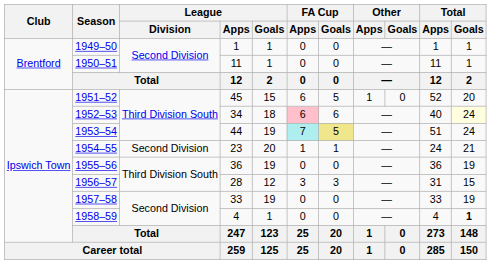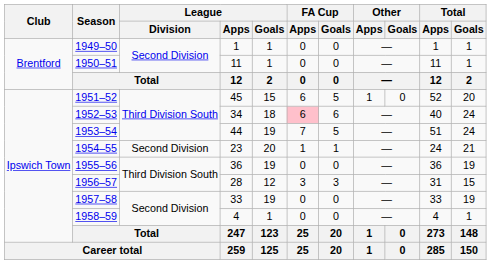 <table class="wikitable" style="text-align: center;">
 <tr>
 <th rowspan="2">Club</th>
 <th rowspan="2">Season</th>
 <th colspan="3">League</th>
 <th colspan="2">FA Cup</th>
 <th colspan="2">Other</th>
 <th colspan="2">Total</th>
 </tr>
 <tr>
 <th>Division</th>
 <th>Apps</th>
 <th>Goals</th>
 <th>Apps</th>
 <th>Goals</th>
 <th>Apps</th>
 <th>Goals</th>
 <th>Apps</th>
 <th>Goals</th>
 </tr>
 <tr>
 <td rowspan="3"><a href='#'>Brentford</a></td>
 <td><a href='#'>1949–50</a></td>
 <td rowspan="2"><a href='#'>Second Division</a></td>
 <td>1</td>
 <td>1</td>
 <td>0</td>
 <td>0</td>
 <td colspan="2">—</td>
 <td>1</td>
 <td>1</td>
 </tr>
 <tr>
 <td><a href='#'>1950–51</a></td>
 <td>11</td>
 <td>1</td>
 <td>0</td>
 <td>0</td>
 <td colspan="2">—</td>
 <td>11</td>
 <td>1</td>
 </tr>
 <tr>
 <th colspan="2">Total</th>
 <th>12</th>
 <th>2</th>
 <th>0</th>
 <th>0</th>
 <th colspan="2">—</th>
 <th>12</th>
 <th>2</th>
 </tr>
 <tr>
 <td rowspan="9"><a href='#'>Ipswich Town</a></td>
 <td><a href='#'>1951–52</a></td>
 <td rowspan="3"><a href='#'>Third Division South</a></td>
 <td>45</td>
 <td>15</td>
 <td>6</td>
 <td>5</td>
 <td>1</td>
 <td>0</td>
 <td>52</td>
 <td>20</td>
 </tr>
 <tr>
 <td><a href='#'>1952–53</a></td>
 <td>34</td>
 <td>18</td>
 <td style="background: pink;">6</td>
 <td>6</td>
 <td colspan="2">—</td>
 <td>40</td>
-<td style="background: lightyellow;">24</td>
+<td>24</td>
 </tr>
 <tr>
 <td><a href='#'>1953–54</a></td>
 <td>44</td>
 <td>19</td>
-<td style="background: paleturquoise;">7</td>
-<td style="background: khaki;">5</td>
+<td>7</td>
+<td>5</td>
 <td colspan="2">—</td>
 <td>51</td>
 <td>24</td>
 </tr>
 <tr>
 <td><a href='#'>1954–55</a></td>
 <td>Second Division</td>
 <td>23</td>
 <td>20</td>
 <td>1</td>
 <td>1</td>
 <td colspan="2">—</td>
 <td>24</td>
 <td>21</td>
 </tr>
 <tr>
 <td><a href='#'>1955–56</a></td>
 <td rowspan="2">Third Division South</td>
 <td>36</td>
 <td>19</td>
 <td>0</td>
 <td>0</td>
 <td colspan="2">—</td>
 <td>36</td>
 <td>19</td>
 </tr>
 <tr>
 <td><a href='#'>1956–57</a></td>
 <td>28</td>
 <td>12</td>
 <td>3</td>
 <td>3</td>
 <td colspan="2">—</td>
 <td>31</td>
 <td>15</td>
 </tr>
 <tr>
 <td><a href='#'>1957–58</a></td>
 <td rowspan="2">Second Division</td>
 <td>33</td>
 <td>19</td>
 <td>0</td>
 <td>0</td>
 <td colspan="2">—</td>
 <td>33</td>
 <td>19</td>
 </tr>
 <tr>
 <td><a href='#'>1958–59</a></td>
 <td>4</td>
 <td>1</td>
 <td>0</td>
 <td>0</td>
 <td colspan="2">—</td>
 <td>4</td>
-<td><strong>1</strong></td>
+<td>1</td>
 </tr>
 <tr>
 <th colspan="2">Total</th>
 <th>247</th>
 <th>123</th>
 <th>25</th>
 <th>20</th>
 <th>1</th>
 <th>0</th>
 <th>273</th>
 <th>148</th>
 </tr>
 <tr>
 <th colspan="3">Career total</th>
 <th>259</th>
 <th>125</th>
 <th>25</th>
 <th>20</th>
 <th>1</th>
 <th>0</th>
 <th>285</th>
 <th>150</th>
 </tr>
 </table>
